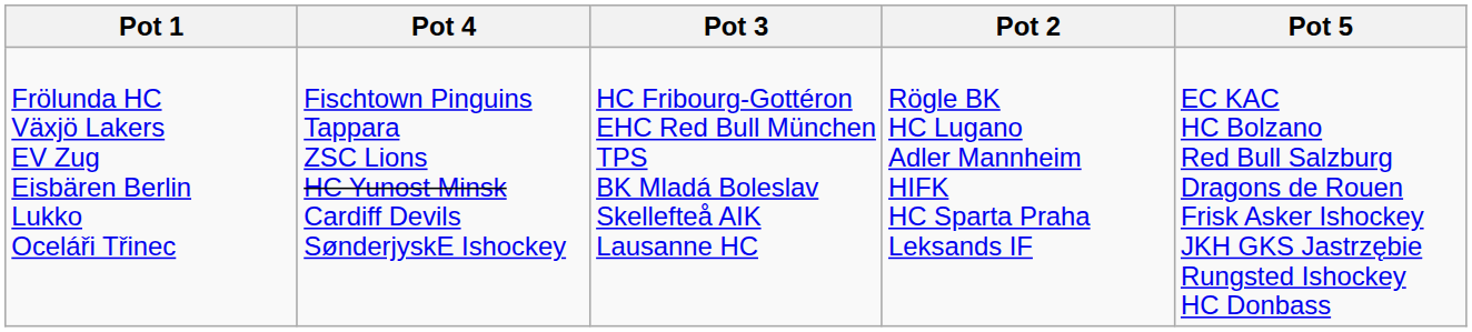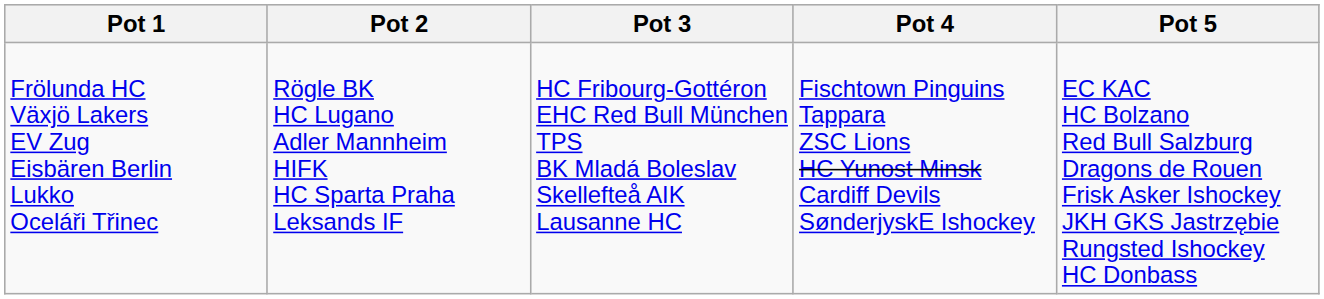 <table class="wikitable" style="font-size: 95%;">
 <tr>
 <th width=20%>Pot 1</th>
+<th width=20%>Pot 2</th>
+<th width=20%>Pot 3</th>
 <th width=20%>Pot 4</th>
-<th width=20%>Pot 3</th>
-<th width=20%>Pot 2</th>
 <th width=20%>Pot 5</th>
 </tr>
 <tr>
 <td><br> <a href='#'>Frölunda HC</a><br>  <a href='#'>Växjö Lakers</a><br>  <a href='#'>EV Zug</a><br>  <a href='#'>Eisbären Berlin</a><br>  <a href='#'>Lukko</a><br>  <a href='#'>Oceláři Třinec</a><br>  <br>  </td>
+<td><br> <a href='#'>Rögle BK</a><br>  <a href='#'>HC Lugano</a><br>  <a href='#'>Adler Mannheim</a><br>  <a href='#'>HIFK</a><br>  <a href='#'>HC Sparta Praha</a><br>  <a href='#'>Leksands IF</a><br>  <br>  </td>
+<td><br> <a href='#'>HC Fribourg-Gottéron</a><br>  <a href='#'>EHC Red Bull München</a><br>  <a href='#'>TPS</a><br>  <a href='#'>BK Mladá Boleslav</a><br>  <a href='#'>Skellefteå AIK</a><br>  <a href='#'>Lausanne HC</a><br>  <br>  </td>
 <td><br> <a href='#'>Fischtown Pinguins</a><br>  <a href='#'>Tappara</a><br>  <a href='#'>ZSC Lions</a><br> <s> <a href='#'>HC Yunost Minsk</a></s><br>  <a href='#'>Cardiff Devils</a><br>  <a href='#'>SønderjyskE Ishockey</a><br>  <br>  </td>
-<td><br> <a href='#'>HC Fribourg-Gottéron</a><br>  <a href='#'>EHC Red Bull München</a><br>  <a href='#'>TPS</a><br>  <a href='#'>BK Mladá Boleslav</a><br>  <a href='#'>Skellefteå AIK</a><br>  <a href='#'>Lausanne HC</a><br>  <br>  </td>
-<td><br> <a href='#'>Rögle BK</a><br>  <a href='#'>HC Lugano</a><br>  <a href='#'>Adler Mannheim</a><br>  <a href='#'>HIFK</a><br>  <a href='#'>HC Sparta Praha</a><br>  <a href='#'>Leksands IF</a><br>  <br>  </td>
 <td><br> <a href='#'>EC KAC</a><br>  <a href='#'>HC Bolzano</a><br>  <a href='#'>Red Bull Salzburg</a><br>  <a href='#'>Dragons de Rouen</a><br>  <a href='#'>Frisk Asker Ishockey</a><br>  <a href='#'>JKH GKS Jastrzębie</a><br>  <a href='#'>Rungsted Ishockey</a><br>  <a href='#'>HC Donbass</a></td>
 </tr>
 </table>
